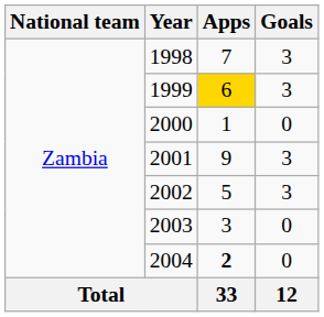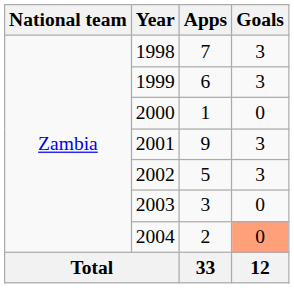 <table class="wikitable" style="text-align:center">
 <tr>
 <th>National team</th>
 <th>Year</th>
 <th>Apps</th>
 <th>Goals</th>
 </tr>
 <tr>
 <td rowspan="7"><a href='#'>Zambia</a></td>
 <td>1998</td>
 <td>7</td>
 <td>3</td>
 </tr>
 <tr>
 <td>1999</td>
-<td style="background: gold;">6</td>
+<td>6</td>
 <td>3</td>
 </tr>
 <tr>
 <td>2000</td>
 <td>1</td>
 <td>0</td>
 </tr>
 <tr>
 <td>2001</td>
 <td>9</td>
 <td>3</td>
 </tr>
 <tr>
 <td>2002</td>
 <td>5</td>
 <td>3</td>
 </tr>
 <tr>
 <td>2003</td>
 <td>3</td>
 <td>0</td>
 </tr>
 <tr>
 <td>2004</td>
-<td><strong>2</strong></td>
-<td>0</td>
+<td>2</td>
+<td style="background: lightsalmon;">0</td>
 </tr>
 <tr>
 <th colspan="2">Total</th>
 <th>33</th>
 <th>12</th>
 </tr>
 </table>
